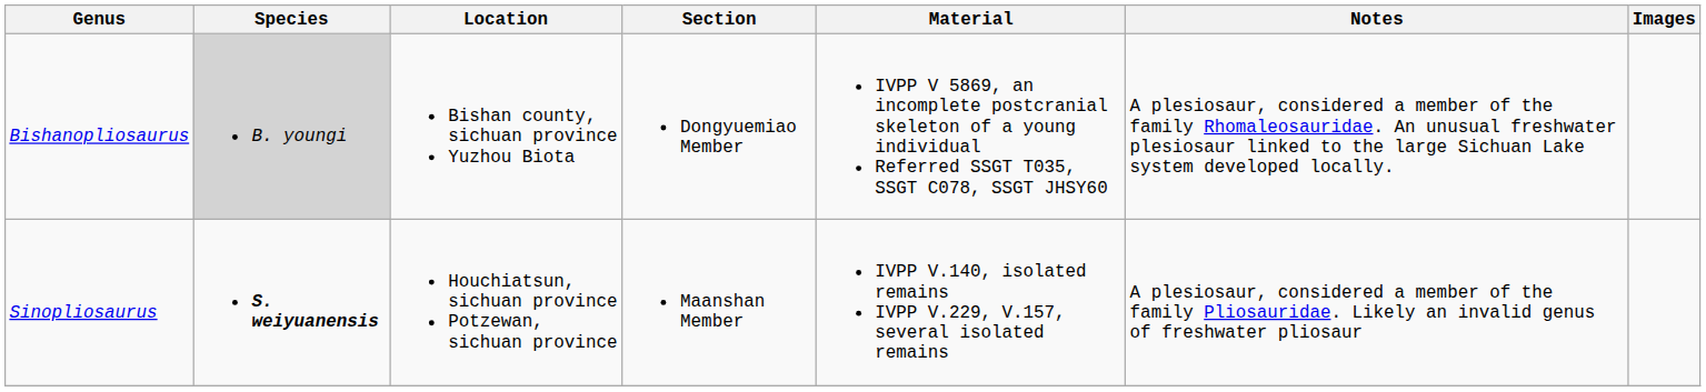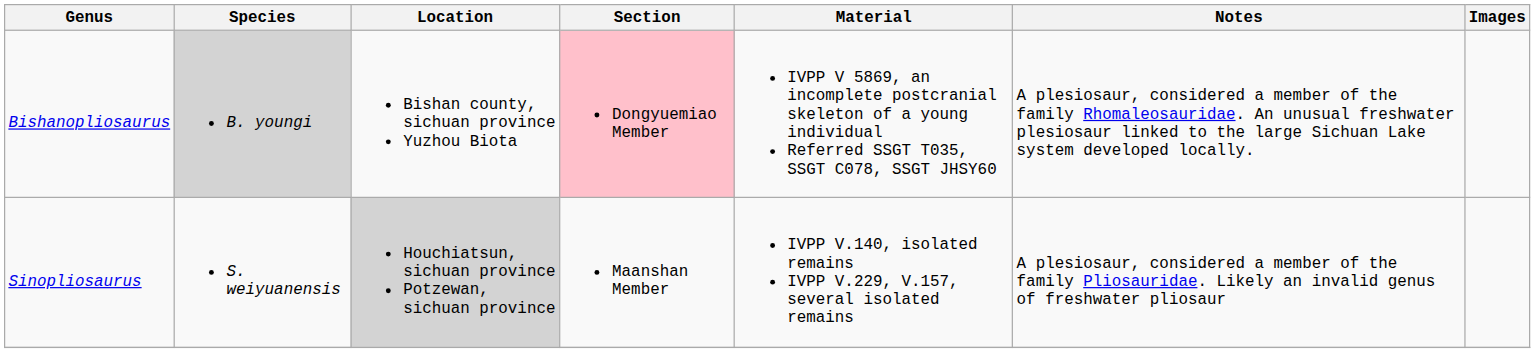 <table class="wikitable" align="center">
 <tr>
 <th>Genus</th>
 <th>Species</th>
 <th>Location</th>
 <th>Section</th>
 <th>Material</th>
 <th>Notes</th>
 <th>Images</th>
 </tr>
 <tr>
 <td><br><em><a href='#'>Bishanopliosaurus</a></em></td>
 <td style="background: lightgrey;"><br><ul><li><em>B. youngi</em></li></ul></td>
 <td><br><ul><li>Bishan county, sichuan province</li><li>Yuzhou Biota</li></ul></td>
-<td><br><ul><li>Dongyuemiao Member</li></ul></td>
+<td style="background: pink;"><br><ul><li>Dongyuemiao Member</li></ul></td>
 <td><br><ul><li>IVPP V 5869, an incomplete postcranial skeleton of a young individual</li><li>Referred SSGT T035, SSGT C078, SSGT JHSY60</li></ul></td>
 <td><br>A plesiosaur, considered a member of the family <a href='#'>Rhomaleosauridae</a>. An unusual freshwater plesiosaur linked to the large Sichuan Lake system developed locally.</td>
 <td><br></td>
 </tr>
 <tr>
 <td><br><em><a href='#'>Sinopliosaurus</a></em></td>
-<td><strong><br><ul><li><em>S. weiyuanensis</em></li></ul></strong></td>
-<td><br><ul><li>Houchiatsun, sichuan province</li><li>Potzewan, sichuan province</li></ul></td>
+<td><br><ul><li><em>S. weiyuanensis</em></li></ul></td>
+<td style="background: lightgrey;"><br><ul><li>Houchiatsun, sichuan province</li><li>Potzewan, sichuan province</li></ul></td>
 <td><br><ul><li>Maanshan Member</li></ul></td>
 <td><br><ul><li>IVPP V.140, isolated remains</li><li>IVPP V.229, V.157, several isolated remains</li></ul></td>
 <td><br>A plesiosaur, considered a member of the family <a href='#'>Pliosauridae</a>. Likely an invalid genus of freshwater pliosaur</td>
 <td></td>
 </tr>
 <tr>
 </tr>
 </table>
